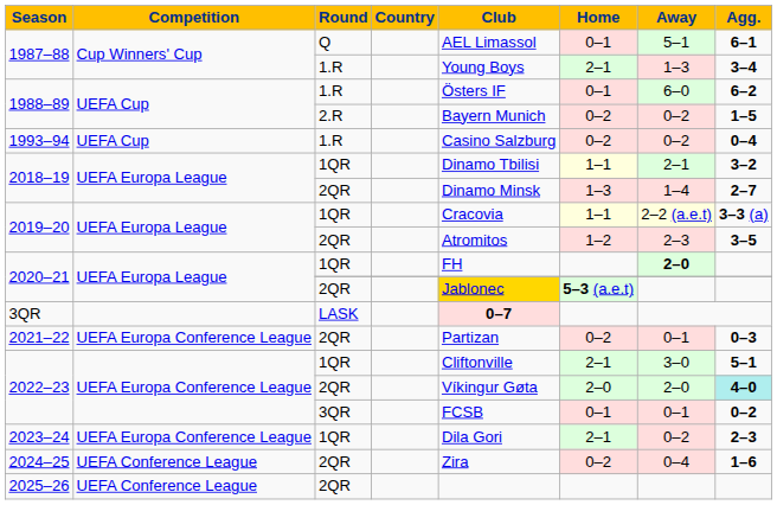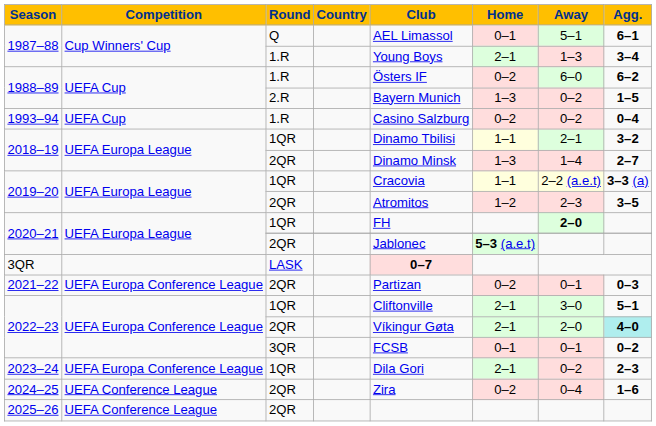 <table class="wikitable">
 <tr>
 <th style="color:#00308F; background:#FFBF00;">Season</th>
 <th style="color:#00308F; background:#FFBF00;">Competition</th>
 <th style="color:#00308F; background:#FFBF00;">Round</th>
 <th style="color:#00308F; background:#FFBF00;">Country</th>
 <th style="color:#00308F; background:#FFBF00;">Club</th>
 <th style="color:#00308F; background:#FFBF00;">Home</th>
 <th style="color:#00308F; background:#FFBF00;">Away</th>
 <th style="color:#00308F; background:#FFBF00;">Agg.</th>
 </tr>
 <tr>
 <td rowspan="2"><a href='#'>1987–88</a></td>
 <td rowspan="2"><a href='#'>Cup Winners' Cup</a></td>
 <td>Q</td>
 <td></td>
 <td><a href='#'>AEL Limassol</a></td>
 <td style="text-align:center; background:#fdd;">0–1</td>
 <td style="text-align:center; background:#dfd;">5–1</td>
 <td style="text-align:center;"><strong>6–1</strong></td>
 </tr>
 <tr>
 <td>1.R</td>
 <td></td>
 <td><a href='#'>Young Boys</a></td>
 <td style="text-align:center; background:#dfd;">2–1</td>
 <td style="text-align:center; background:#fdd;">1–3</td>
 <td style="text-align:center;"><strong>3–4</strong></td>
 </tr>
 <tr>
 <td rowspan="2"><a href='#'>1988–89</a></td>
 <td rowspan="2"><a href='#'>UEFA Cup</a></td>
 <td>1.R</td>
 <td></td>
 <td><a href='#'>Östers IF</a></td>
-<td style="text-align:center; background:#fdd;">0–1</td>
+<td style="text-align:center; background:#fdd;">0–2</td>
 <td style="text-align:center; background:#dfd;">6–0</td>
 <td style="text-align:center;"><strong>6–2</strong></td>
 </tr>
 <tr>
 <td>2.R</td>
 <td></td>
 <td><a href='#'>Bayern Munich</a></td>
-<td style="text-align:center; background:#fdd;">0–2</td>
+<td style="text-align:center; background:#fdd;">1–3</td>
 <td style="text-align:center; background:#fdd;">0–2</td>
 <td style="text-align:center;"><strong>1–5</strong></td>
 </tr>
 <tr>
 <td><a href='#'>1993–94</a></td>
 <td><a href='#'>UEFA Cup</a></td>
 <td>1.R</td>
 <td></td>
 <td><a href='#'>Casino Salzburg</a></td>
 <td style="text-align:center; background:#fdd;">0–2</td>
 <td style="text-align:center; background:#fdd;">0–2</td>
 <td style="text-align:center;"><strong>0–4</strong></td>
 </tr>
 <tr>
 <td rowspan="2"><a href='#'>2018–19</a></td>
 <td rowspan="2"><a href='#'>UEFA Europa League</a></td>
 <td>1QR</td>
 <td></td>
 <td><a href='#'>Dinamo Tbilisi</a></td>
 <td style="text-align:center; background:#ffd;">1–1</td>
 <td style="text-align:center; background:#dfd;">2–1</td>
 <td style="text-align:center;"><strong>3–2</strong></td>
 </tr>
 <tr>
 <td>2QR</td>
 <td></td>
 <td><a href='#'>Dinamo Minsk</a></td>
 <td style="text-align:center; background:#fdd;">1–3</td>
 <td style="text-align:center; background:#fdd;">1–4</td>
 <td style="text-align:center;"><strong>2–7</strong></td>
 </tr>
 <tr>
 <td rowspan="2"><a href='#'>2019–20</a></td>
 <td rowspan="2"><a href='#'>UEFA Europa League</a></td>
 <td>1QR</td>
 <td></td>
 <td><a href='#'>Cracovia</a></td>
 <td style="text-align:center; background:#ffd;">1–1</td>
 <td style="text-align:center; background:#ffd;">2–2 <a href='#'>(a.e.t)</a></td>
 <td style="text-align:center;"><strong>3–3</strong> <a href='#'>(a)</a></td>
 </tr>
 <tr>
 <td>2QR</td>
 <td></td>
 <td><a href='#'>Atromitos</a></td>
 <td style="text-align:center; background:#fdd;">1–2</td>
 <td style="text-align:center; background:#fdd;">2–3</td>
 <td style="text-align:center;"><strong>3–5</strong></td>
 </tr>
 <tr>
 <td rowspan="3"><a href='#'>2020–21</a></td>
 <td rowspan="3"><a href='#'>UEFA Europa League</a></td>
 <td>1QR</td>
 <td></td>
 <td><a href='#'>FH</a></td>
 <td></td>
 <td style="text-align:center; background:#dfd;"><strong>2–0</strong></td>
 <td></td>
 </tr>
 <tr>
 </tr>
 <tr>
 <td>2QR</td>
 <td></td>
-<td style="background: gold;"><a href='#'>Jablonec</a></td>
+<td><a href='#'>Jablonec</a></td>
 <td style="text-align:center; background:#dfd;"><strong>5–3</strong> <a href='#'>(a.e.t)</a></td>
 <td></td>
 <td></td>
 </tr>
 <tr>
 <td>3QR</td>
 <td></td>
 <td><a href='#'>LASK</a></td>
 <td></td>
 <td style="text-align:center; background:#fdd;"><strong>0–7</strong></td>
 <td></td>
 </tr>
 <tr>
 <td><a href='#'>2021–22</a></td>
 <td><a href='#'>UEFA Europa Conference League</a></td>
 <td>2QR</td>
 <td></td>
 <td><a href='#'>Partizan</a></td>
 <td style="text-align:center; background:#fdd;">0–2</td>
 <td style="text-align:center; background:#fdd;">0–1</td>
 <td style="text-align:center;"><strong>0–3</strong></td>
 </tr>
 <tr>
 <td rowspan="3"><a href='#'>2022–23</a></td>
 <td rowspan="3"><a href='#'>UEFA Europa Conference League</a></td>
 <td>1QR</td>
 <td></td>
 <td><a href='#'>Cliftonville</a></td>
 <td style="text-align:center; background:#dfd;">2–1</td>
 <td style="text-align:center; background:#dfd;">3–0</td>
 <td style="text-align:center;"><strong>5–1</strong></td>
 </tr>
 <tr>
 <td>2QR</td>
 <td></td>
 <td><a href='#'>Víkingur Gøta</a></td>
-<td style="text-align:center; background:#dfd;">2–0</td>
+<td style="text-align:center; background:#dfd;">2–1</td>
 <td style="text-align:center; background:#dfd;">2–0</td>
 <td style="background: paleturquoise; text-align:center;"><strong>4–0</strong></td>
 </tr>
 <tr>
 <td>3QR</td>
 <td></td>
 <td><a href='#'>FCSB</a></td>
 <td style="text-align:center; background:#fdd;">0–1</td>
 <td style="text-align:center; background:#fdd;">0–1</td>
 <td style="text-align:center;"><strong>0–2</strong></td>
 </tr>
 <tr>
 <td><a href='#'>2023–24</a></td>
 <td><a href='#'>UEFA Europa Conference League</a></td>
 <td>1QR</td>
 <td></td>
 <td><a href='#'>Dila Gori</a></td>
 <td style="text-align:center; background:#dfd;">2–1</td>
 <td style="text-align:center; background:#fdd;">0–2</td>
 <td style="text-align:center;"><strong>2–3</strong></td>
 </tr>
 <tr>
 <td><a href='#'>2024–25</a></td>
 <td><a href='#'>UEFA Conference League</a></td>
 <td>2QR</td>
 <td></td>
 <td><a href='#'>Zira</a></td>
 <td style="text-align:center; background:#fdd;">0–2</td>
 <td style="text-align:center; background:#fdd;">0–4</td>
 <td style="text-align:center;"><strong>1–6</strong></td>
 </tr>
 <tr>
 <td><a href='#'>2025–26</a></td>
 <td><a href='#'>UEFA Conference League</a></td>
 <td>2QR</td>
 <td></td>
 <td></td>
 <td style="text-align:center;"></td>
 <td style="text-align:center;"></td>
 <td style="text-align:center;"></td>
 </tr>
 </table>
